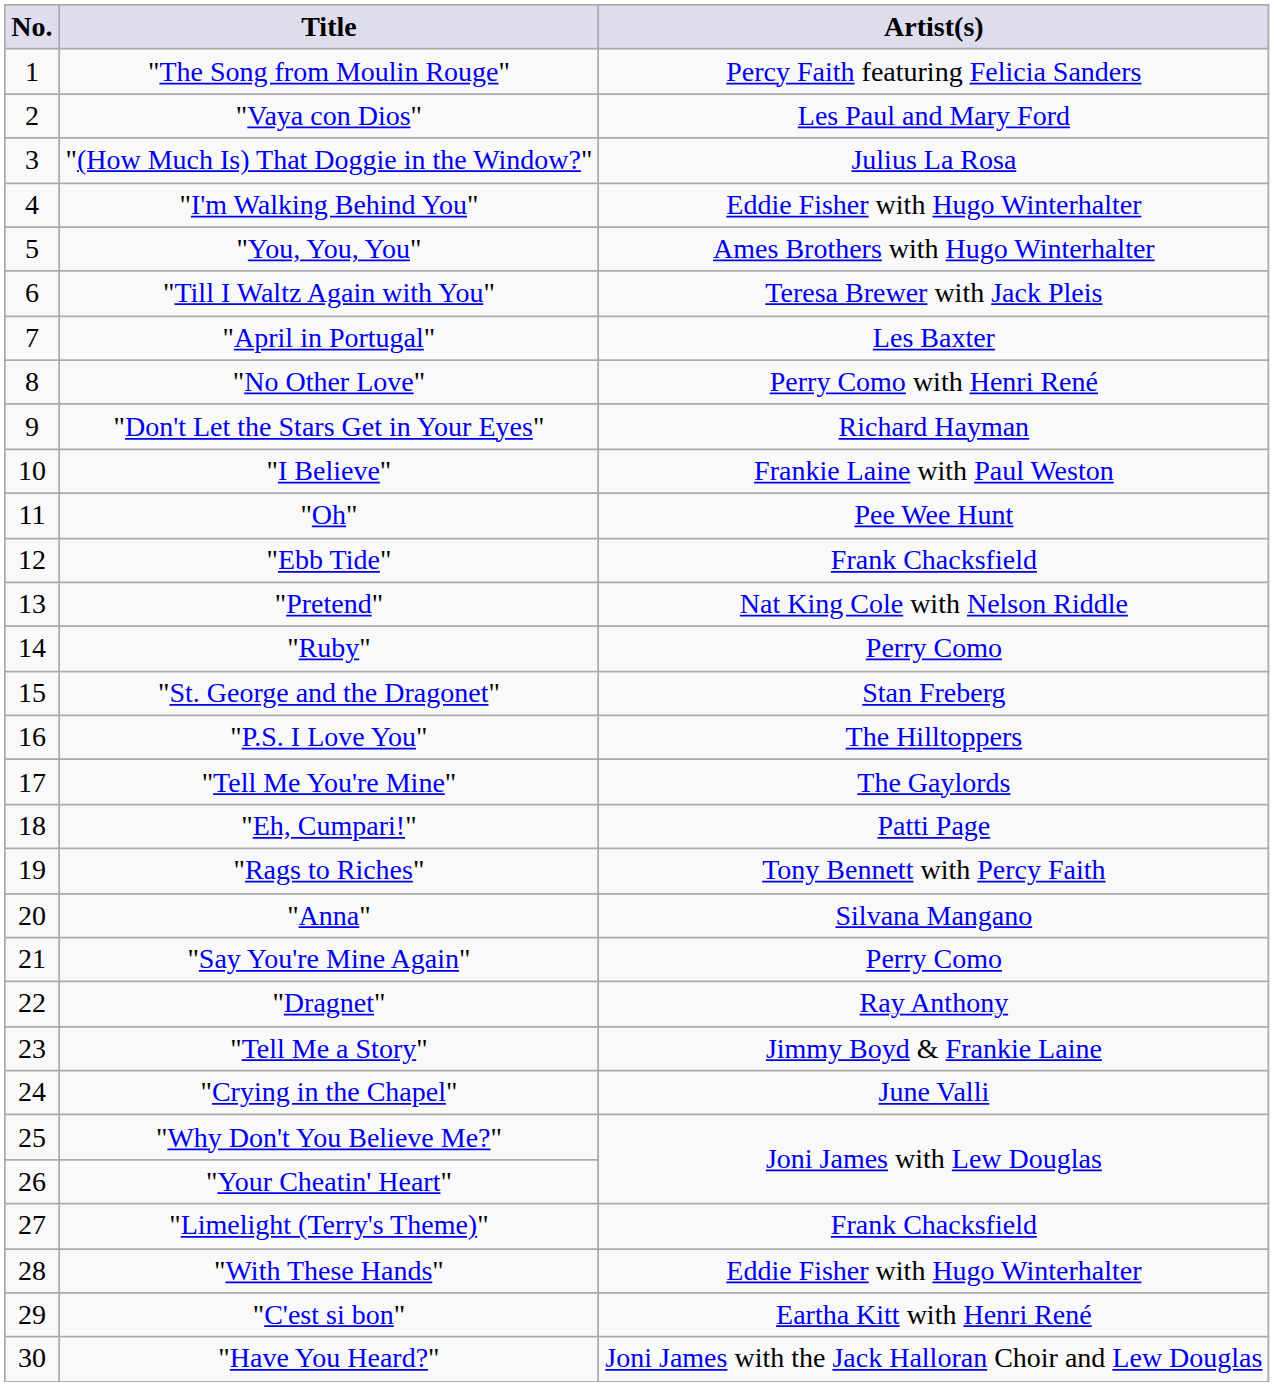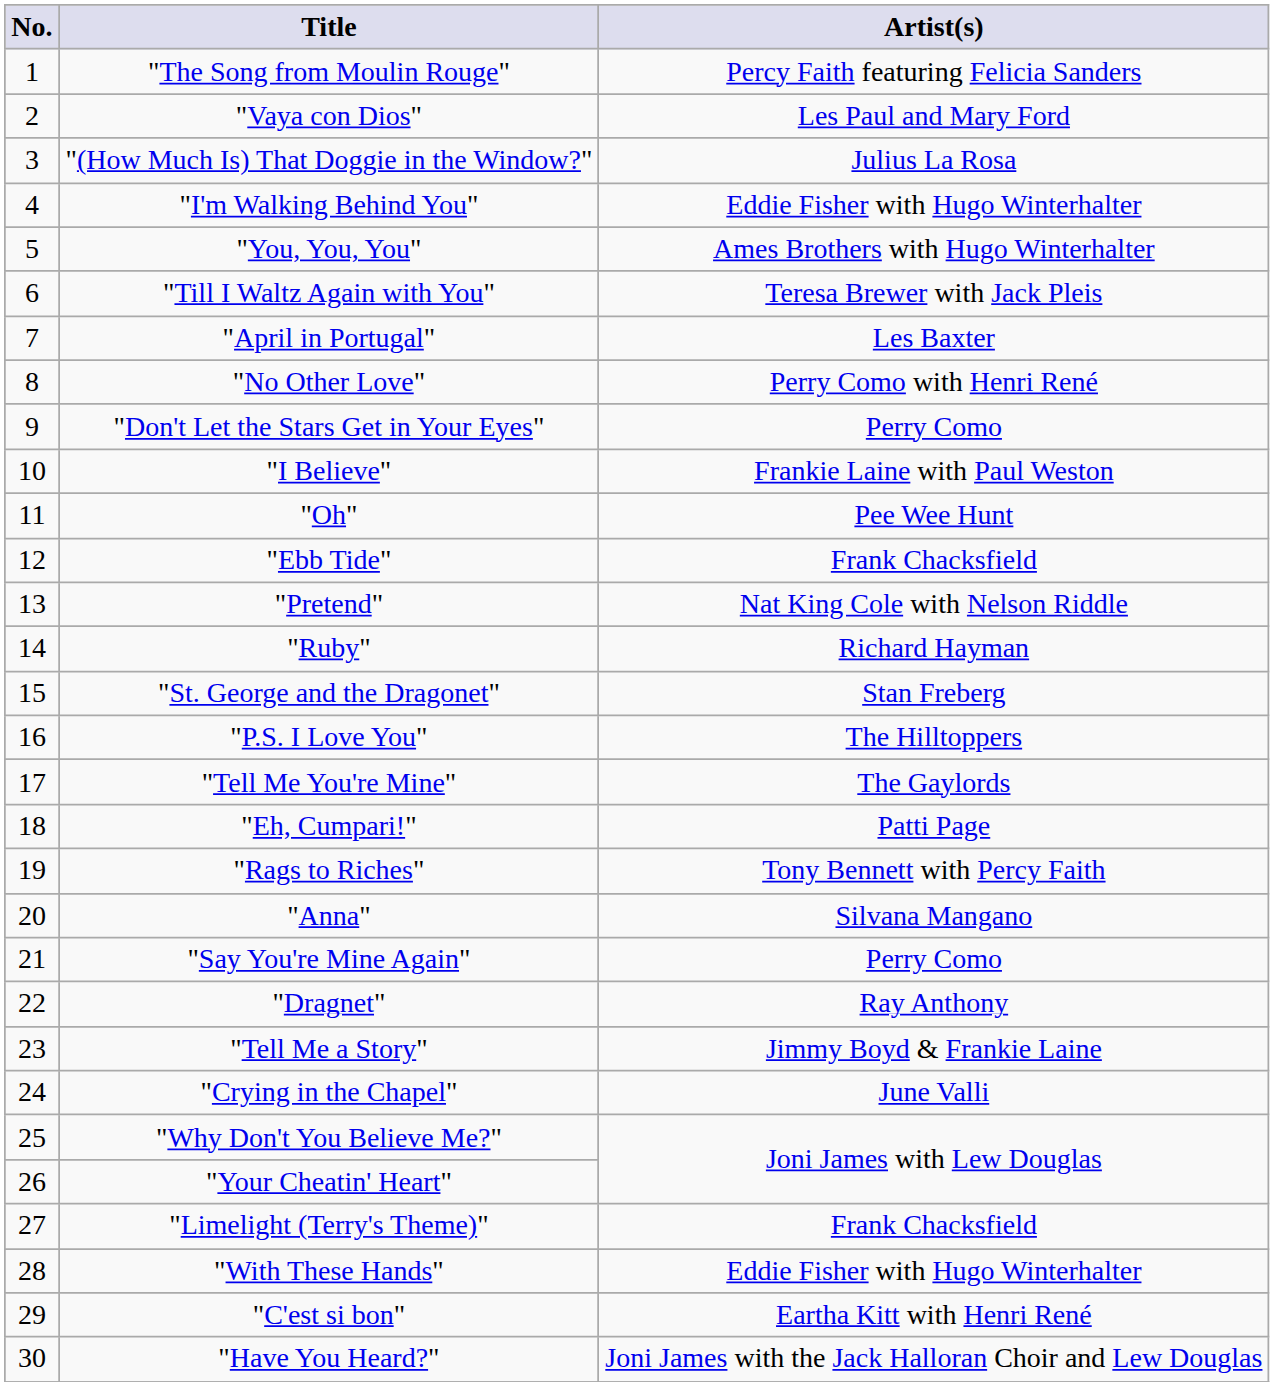 <table class="wikitable sortable" style="text-align: center">
 <tr>
 <th scope="col" style="background:#dde;">No.</th>
 <th scope="col" style="background:#dde;">Title</th>
 <th scope="col" style="background:#dde;">Artist(s)</th>
 </tr>
 <tr>
 <td>1</td>
 <td>"<a href='#'>The Song from Moulin Rouge</a>"</td>
 <td><a href='#'>Percy Faith</a> featuring <a href='#'>Felicia Sanders</a></td>
 </tr>
 <tr>
 <td>2</td>
 <td>"<a href='#'>Vaya con Dios</a>"</td>
 <td><a href='#'>Les Paul and Mary Ford</a></td>
 </tr>
 <tr>
 <td>3</td>
 <td>"<a href='#'>(How Much Is) That Doggie in the Window?</a>"</td>
 <td><a href='#'>Julius La Rosa</a></td>
 </tr>
 <tr>
 <td>4</td>
 <td>"<a href='#'>I'm Walking Behind You</a>"</td>
 <td><a href='#'>Eddie Fisher</a> with <a href='#'>Hugo Winterhalter</a></td>
 </tr>
 <tr>
 <td>5</td>
 <td>"<a href='#'>You, You, You</a>"</td>
 <td><a href='#'>Ames Brothers</a> with <a href='#'>Hugo Winterhalter</a></td>
 </tr>
 <tr>
 <td>6</td>
 <td>"<a href='#'>Till I Waltz Again with You</a>"</td>
 <td><a href='#'>Teresa Brewer</a> with <a href='#'>Jack Pleis</a></td>
 </tr>
 <tr>
 <td>7</td>
 <td>"<a href='#'>April in Portugal</a>"</td>
 <td><a href='#'>Les Baxter</a></td>
 </tr>
 <tr>
 <td>8</td>
 <td>"<a href='#'>No Other Love</a>"</td>
 <td><a href='#'>Perry Como</a> with <a href='#'>Henri René</a></td>
 </tr>
 <tr>
 <td>9</td>
 <td>"<a href='#'>Don't Let the Stars Get in Your Eyes</a>"</td>
-<td><a href='#'>Richard Hayman</a></td>
+<td><a href='#'>Perry Como</a></td>
 </tr>
 <tr>
 <td>10</td>
 <td>"<a href='#'>I Believe</a>"</td>
 <td><a href='#'>Frankie Laine</a> with <a href='#'>Paul Weston</a></td>
 </tr>
 <tr>
 <td>11</td>
 <td>"<a href='#'>Oh</a>"</td>
 <td><a href='#'>Pee Wee Hunt</a></td>
 </tr>
 <tr>
 <td>12</td>
 <td>"<a href='#'>Ebb Tide</a>"</td>
 <td><a href='#'>Frank Chacksfield</a></td>
 </tr>
 <tr>
 <td>13</td>
 <td>"<a href='#'>Pretend</a>"</td>
 <td><a href='#'>Nat King Cole</a> with <a href='#'>Nelson Riddle</a></td>
 </tr>
 <tr>
 <td>14</td>
 <td>"<a href='#'>Ruby</a>"</td>
-<td><a href='#'>Perry Como</a></td>
+<td><a href='#'>Richard Hayman</a></td>
 </tr>
 <tr>
 <td>15</td>
 <td>"<a href='#'>St. George and the Dragonet</a>"</td>
 <td><a href='#'>Stan Freberg</a></td>
 </tr>
 <tr>
 <td>16</td>
 <td>"<a href='#'>P.S. I Love You</a>"</td>
 <td><a href='#'>The Hilltoppers</a></td>
 </tr>
 <tr>
 <td>17</td>
 <td>"<a href='#'>Tell Me You're Mine</a>"</td>
 <td><a href='#'>The Gaylords</a></td>
 </tr>
 <tr>
 <td>18</td>
 <td>"<a href='#'>Eh, Cumpari!</a>"</td>
 <td><a href='#'>Patti Page</a></td>
 </tr>
 <tr>
 <td>19</td>
 <td>"<a href='#'>Rags to Riches</a>"</td>
 <td><a href='#'>Tony Bennett</a> with <a href='#'>Percy Faith</a></td>
 </tr>
 <tr>
 <td>20</td>
 <td>"<a href='#'>Anna</a>"</td>
 <td><a href='#'>Silvana Mangano</a></td>
 </tr>
 <tr>
 <td>21</td>
 <td>"<a href='#'>Say You're Mine Again</a>"</td>
 <td><a href='#'>Perry Como</a></td>
 </tr>
 <tr>
 <td>22</td>
 <td>"<a href='#'>Dragnet</a>"</td>
 <td><a href='#'>Ray Anthony</a></td>
 </tr>
 <tr>
 <td>23</td>
 <td>"<a href='#'>Tell Me a Story</a>"</td>
 <td><a href='#'>Jimmy Boyd</a> & <a href='#'>Frankie Laine</a></td>
 </tr>
 <tr>
 <td>24</td>
 <td>"<a href='#'>Crying in the Chapel</a>"</td>
 <td><a href='#'>June Valli</a></td>
 </tr>
 <tr>
 <td>25</td>
 <td>"<a href='#'>Why Don't You Believe Me?</a>"</td>
 <td rowspan="2"><a href='#'>Joni James</a> with <a href='#'>Lew Douglas</a></td>
 </tr>
 <tr>
 <td>26</td>
 <td>"<a href='#'>Your Cheatin' Heart</a>"</td>
 </tr>
 <tr>
 <td>27</td>
 <td>"<a href='#'>Limelight (Terry's Theme)</a>"</td>
 <td><a href='#'>Frank Chacksfield</a></td>
 </tr>
 <tr>
 <td>28</td>
 <td>"<a href='#'>With These Hands</a>"</td>
 <td><a href='#'>Eddie Fisher</a> with <a href='#'>Hugo Winterhalter</a></td>
 </tr>
 <tr>
 <td>29</td>
 <td>"<a href='#'>C'est si bon</a>"</td>
 <td><a href='#'>Eartha Kitt</a> with <a href='#'>Henri René</a></td>
 </tr>
 <tr>
 <td>30</td>
 <td>"<a href='#'>Have You Heard?</a>"</td>
 <td><a href='#'>Joni James</a> with the <a href='#'>Jack Halloran</a> Choir and <a href='#'>Lew Douglas</a></td>
 </tr>
 <tr>
 </tr>
 </table>
